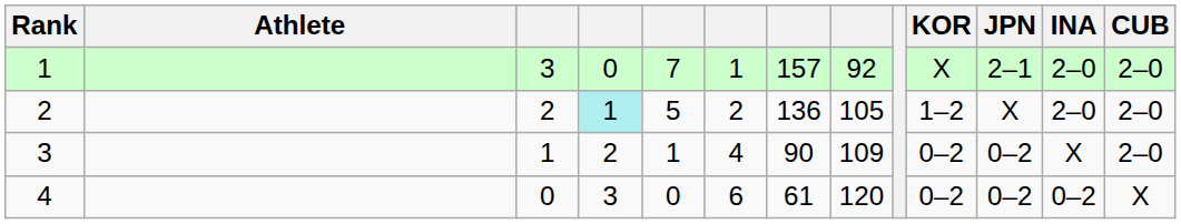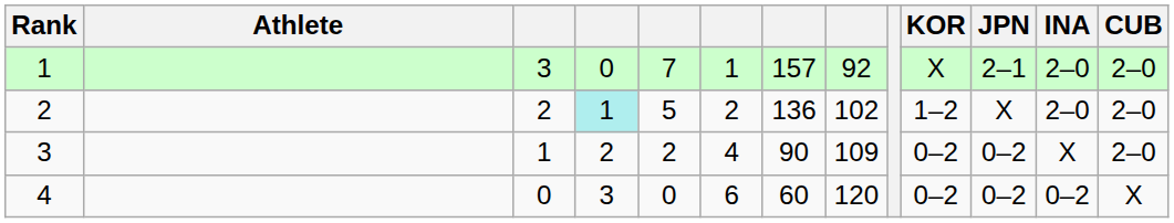 <table class="wikitable" style="text-align:center">
 <tr>
 <th>Rank</th>
 <th width=250>Athlete</th>
 <th width=30></th>
 <th width=30></th>
 <th width=30></th>
 <th width=30></th>
 <th width=30></th>
 <th width=30></th>
 <th rowspan=5></th>
 <th width=30>KOR</th>
 <th width=30>JPN</th>
 <th width=30>INA</th>
 <th width=30>CUB</th>
 </tr>
 <tr style="background-color:#ccffcc;">
 <td>1</td>
 <td align=left></td>
 <td>3</td>
 <td>0</td>
 <td>7</td>
 <td>1</td>
 <td>157</td>
 <td>92</td>
 <td>X</td>
 <td>2–1</td>
 <td>2–0</td>
 <td>2–0</td>
 </tr>
 <tr>
 <td>2</td>
 <td align=left></td>
 <td>2</td>
 <td style="background: paleturquoise;">1</td>
 <td>5</td>
 <td>2</td>
 <td>136</td>
-<td>105</td>
+<td>102</td>
 <td>1–2</td>
 <td>X</td>
 <td>2–0</td>
 <td>2–0</td>
 </tr>
 <tr>
 <td>3</td>
 <td align=left></td>
 <td>1</td>
 <td>2</td>
-<td>1</td>
+<td>2</td>
 <td>4</td>
 <td>90</td>
 <td>109</td>
 <td>0–2</td>
 <td>0–2</td>
 <td>X</td>
 <td>2–0</td>
 </tr>
 <tr>
 <td>4</td>
 <td align=left></td>
 <td>0</td>
 <td>3</td>
 <td>0</td>
 <td>6</td>
-<td>61</td>
+<td>60</td>
 <td>120</td>
 <td>0–2</td>
 <td>0–2</td>
 <td>0–2</td>
 <td>X</td>
 </tr>
 </table>
